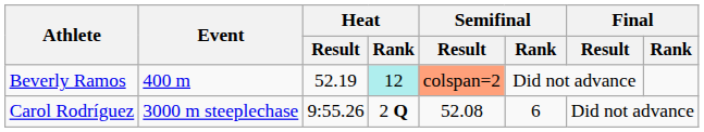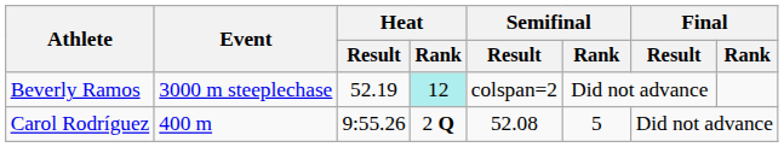 <table class="wikitable" style="font-size:90%">
 <tr>
 <th rowspan="2">Athlete</th>
 <th rowspan="2">Event</th>
 <th colspan="2">Heat</th>
 <th colspan="2">Semifinal</th>
 <th colspan="2">Final</th>
 </tr>
 <tr style="font-size:95%">
 <th>Result</th>
 <th>Rank</th>
 <th>Result</th>
 <th>Rank</th>
 <th>Result</th>
 <th>Rank</th>
 </tr>
 <tr align=center>
 <td align=left><a href='#'>Beverly Ramos</a></td>
-<td align=left><a href='#'>400 m</a></td>
+<td align=left><a href='#'>3000 m steeplechase</a></td>
 <td>52.19</td>
 <td style="background: paleturquoise;">12</td>
-<td style="background: lightsalmon;">colspan=2 </td>
+<td>colspan=2 </td>
 <td colspan=2>Did not advance</td>
 </tr>
 <tr align=center>
 <td align=left><a href='#'>Carol Rodríguez</a></td>
-<td align=left><a href='#'>3000 m steeplechase</a></td>
+<td align=left><a href='#'>400 m</a></td>
 <td>9:55.26</td>
 <td>2 <strong>Q</strong></td>
 <td>52.08</td>
-<td>6</td>
+<td>5</td>
 <td colspan=2>Did not advance</td>
 </tr>
 </table>
